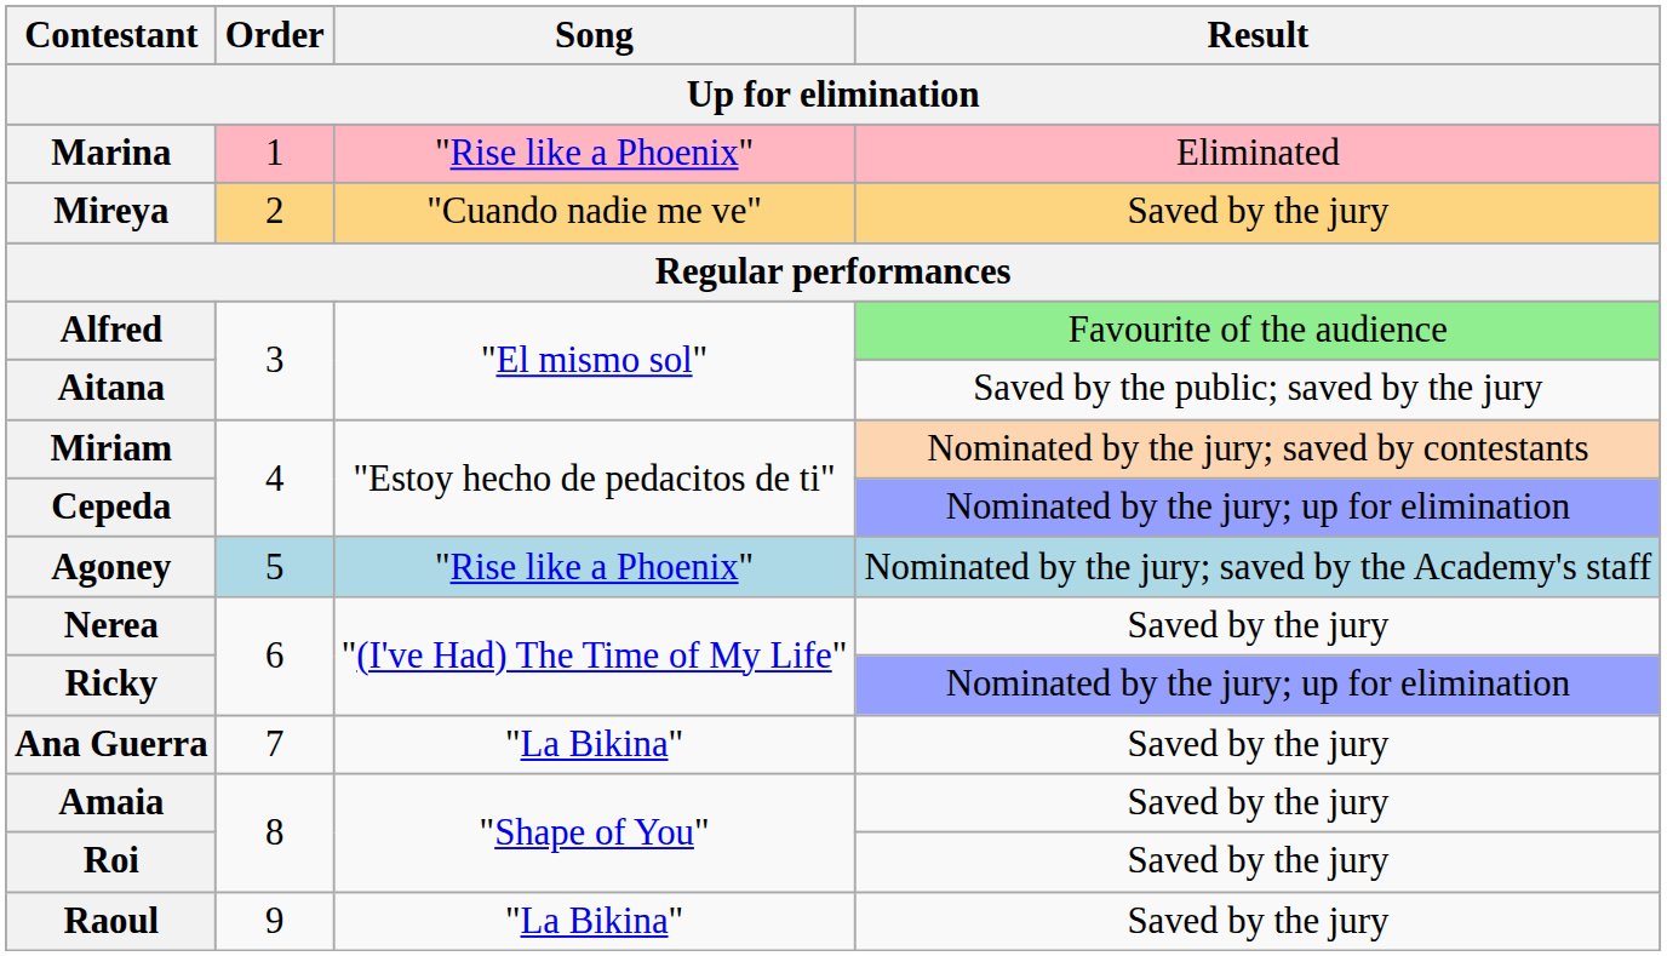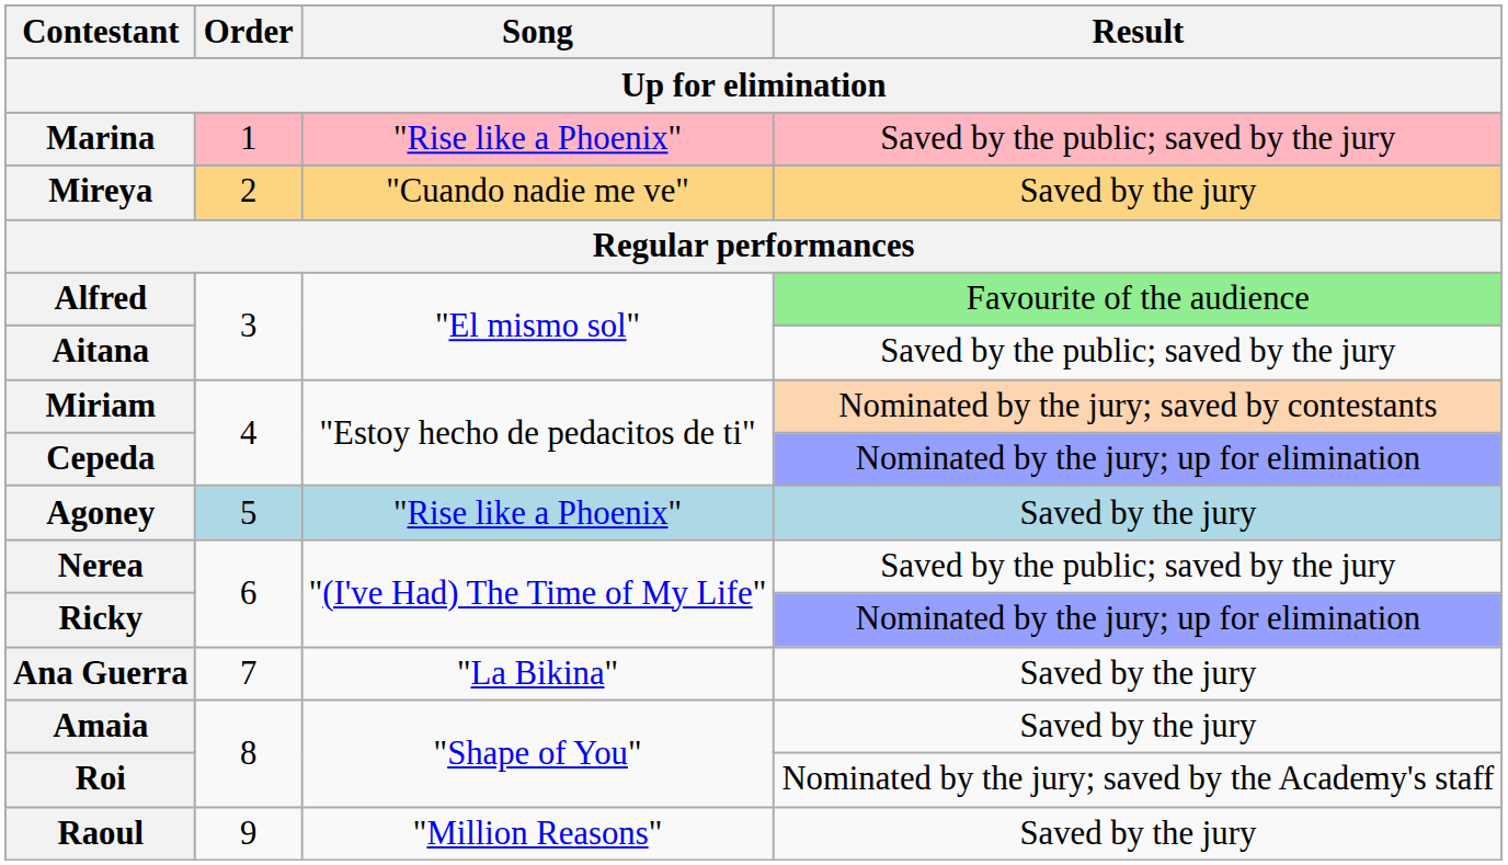 <table class="wikitable plainrowheaders" style="text-align:center;">
 <tr>
 <th scope="col">Contestant</th>
 <th scope="col">Order</th>
 <th scope="col">Song</th>
 <th scope="col">Result</th>
 </tr>
 <tr>
 <th colspan="4">Up for elimination</th>
 </tr>
 <tr style="background:lightpink">
 <th scope="row">Marina</th>
 <td>1</td>
 <td>"<a href='#'>Rise like a Phoenix</a>"</td>
-<td>Eliminated</td>
+<td>Saved by the public; saved by the jury</td>
 </tr>
 <tr style="background:#fdd581;">
 <th scope="row">Mireya</th>
 <td>2</td>
 <td>"Cuando nadie me ve"</td>
 <td>Saved by the jury</td>
 </tr>
 <tr>
 <th colspan="4">Regular performances</th>
 </tr>
 <tr>
 <th scope="row">Alfred</th>
 <td rowspan="2">3</td>
 <td rowspan="2">"<a href='#'>El mismo sol</a>"</td>
 <td style="background:lightgreen">Favourite of the audience</td>
 </tr>
 <tr>
 <th scope="row">Aitana</th>
 <td>Saved by the public; saved by the jury</td>
 </tr>
 <tr>
 <th scope="row">Miriam</th>
 <td rowspan="2">4</td>
 <td rowspan="2">"Estoy hecho de pedacitos de ti"</td>
 <td style="background:#fdd5b1;">Nominated by the jury; saved by contestants</td>
 </tr>
 <tr>
 <th scope="row">Cepeda</th>
 <td style="background:#959ffd;">Nominated by the jury; up for elimination</td>
 </tr>
 <tr style="background:lightblue;">
 <th scope="row">Agoney</th>
 <td>5</td>
 <td>"<a href='#'>Rise like a Phoenix</a>"</td>
-<td>Nominated by the jury; saved by the Academy's staff</td>
+<td>Saved by the jury</td>
 </tr>
 <tr>
 <th scope="row">Nerea</th>
 <td rowspan="2">6</td>
 <td rowspan="2">"<a href='#'>(I've Had) The Time of My Life</a>"</td>
-<td>Saved by the jury</td>
+<td>Saved by the public; saved by the jury</td>
 </tr>
 <tr>
 <th scope="row">Ricky</th>
 <td style="background:#959ffd;">Nominated by the jury; up for elimination</td>
 </tr>
 <tr>
 <th scope="row">Ana Guerra</th>
 <td>7</td>
 <td>"<a href='#'>La Bikina</a>"</td>
 <td>Saved by the jury</td>
 </tr>
 <tr>
 <th scope="row">Amaia</th>
 <td rowspan="2">8</td>
 <td rowspan="2">"<a href='#'>Shape of You</a>"</td>
 <td>Saved by the jury</td>
 </tr>
 <tr>
 <th scope="row">Roi</th>
-<td>Saved by the jury</td>
+<td>Nominated by the jury; saved by the Academy's staff</td>
 </tr>
 <tr>
 <th scope="row">Raoul</th>
 <td>9</td>
-<td>"<a href='#'>La Bikina</a>"</td>
+<td>"<a href='#'>Million Reasons</a>"</td>
 <td>Saved by the jury</td>
 </tr>
 </table>
